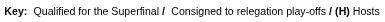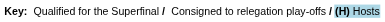 <table style="font-size: 85%;">
 <tr>
 <td height=5></td>
 </tr>
 <tr>
 <td><strong>Key:</strong></td>
 <td></td>
 <td>Qualified for the Superfinal <strong>/</strong></td>
 <td></td>
 <td>Consigned to relegation play-offs <strong>/</strong></td>
-<td><strong>(H)</strong> Hosts</td>
+<td style="background: lightblue;"><strong>(H)</strong> Hosts</td>
 </tr>
 </table>
